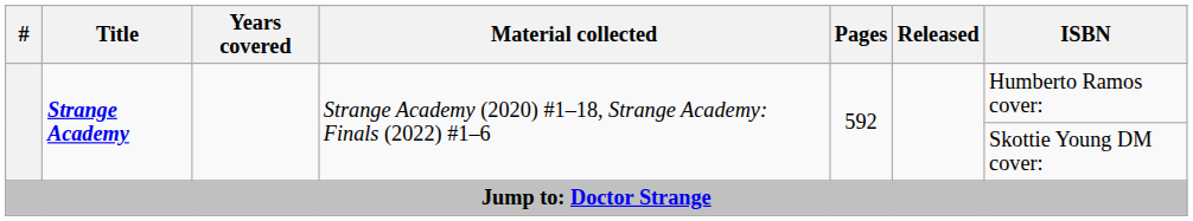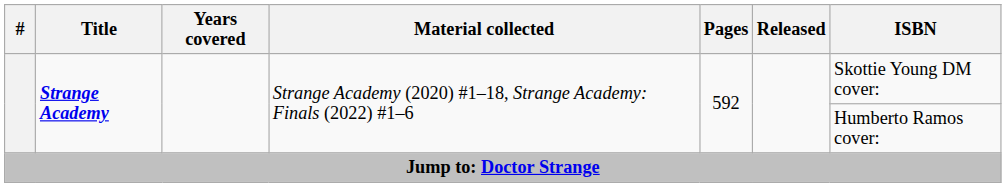 <table class="wikitable sortable" width="99%">
 <tr>
 <th class="unsortable" width="20px">#</th>
 <th>Title</th>
 <th>Years covered</th>
 <th class="unsortable">Material collected</th>
 <th>Pages</th>
 <th>Released</th>
 <th class="unsortable">ISBN</th>
 </tr>
 <tr>
 <th rowspan="2" style="background-color: light grey;"></th>
 <td rowspan="2"><strong><em><a href='#'>Strange Academy</a></em></strong></td>
 <td rowspan="2"></td>
 <td rowspan="2"><em>Strange Academy</em> (2020) #1–18, <em>Strange Academy: Finals</em> (2022) #1–6</td>
 <td rowspan="2" style="text-align: center;">592</td>
 <td rowspan="2"></td>
-<td>Humberto Ramos cover: </td>
+<td>Skottie Young DM cover: </td>
 </tr>
 <tr>
-<td>Skottie Young DM cover: </td>
+<td>Humberto Ramos cover: </td>
 </tr>
 <tr>
 <th colspan="7" style="background-color: silver;">Jump to: <a href='#'>Doctor Strange</a></th>
 </tr>
 </table>
